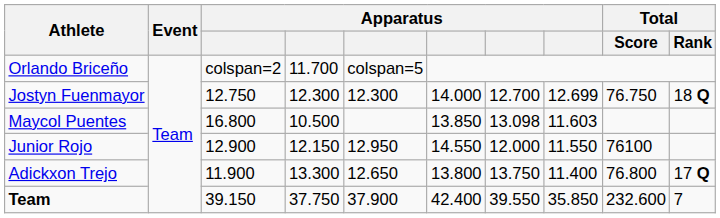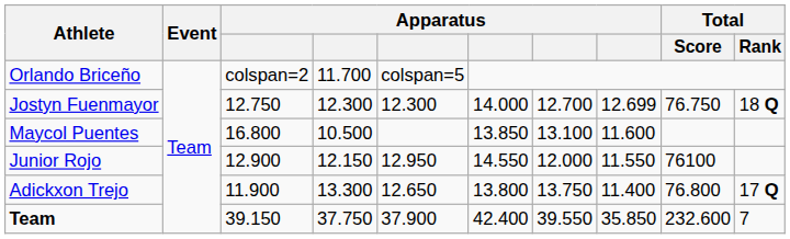 <table class=wikitable style=font-size:90%>
 <tr>
 <th rowspan=2>Athlete</th>
 <th rowspan=2>Event</th>
 <th colspan=6>Apparatus</th>
 <th colspan=2>Total</th>
 </tr>
 <tr style=font-size:95%>
 <th></th>
 <th></th>
 <th></th>
 <th></th>
 <th></th>
 <th></th>
 <th>Score</th>
 <th>Rank</th>
 </tr>
 <tr>
 <td align=left><a href='#'>Orlando Briceño</a></td>
 <td align=left rowspan=6><a href='#'>Team</a></td>
 <td>colspan=2 </td>
 <td>11.700</td>
 <td>colspan=5 </td>
 </tr>
 <tr>
 <td align=left><a href='#'>Jostyn Fuenmayor</a></td>
 <td>12.750</td>
 <td>12.300</td>
 <td>12.300</td>
 <td>14.000</td>
 <td>12.700</td>
 <td>12.699</td>
 <td>76.750</td>
 <td>18 <strong>Q</strong></td>
 </tr>
 <tr>
 <td align=left><a href='#'>Maycol Puentes</a></td>
 <td>16.800</td>
 <td>10.500</td>
 <td></td>
 <td>13.850</td>
-<td>13.098</td>
-<td>11.603</td>
+<td>13.100</td>
+<td>11.600</td>
 <td></td>
 <td></td>
 </tr>
 <tr>
 <td align=left><a href='#'>Junior Rojo</a></td>
 <td>12.900</td>
 <td>12.150</td>
 <td>12.950</td>
 <td>14.550</td>
 <td>12.000</td>
 <td>11.550</td>
 <td>76100</td>
 <td></td>
 </tr>
 <tr>
 <td align=left><a href='#'>Adickxon Trejo</a></td>
 <td>11.900</td>
 <td>13.300</td>
 <td>12.650</td>
 <td>13.800</td>
 <td>13.750</td>
 <td>11.400</td>
 <td>76.800</td>
 <td>17 <strong>Q</strong></td>
 </tr>
 <tr>
 <td align=left><strong>Team</strong></td>
 <td>39.150</td>
 <td>37.750</td>
 <td>37.900</td>
 <td>42.400</td>
 <td>39.550</td>
 <td>35.850</td>
 <td>232.600</td>
 <td>7</td>
 </tr>
 </table>
